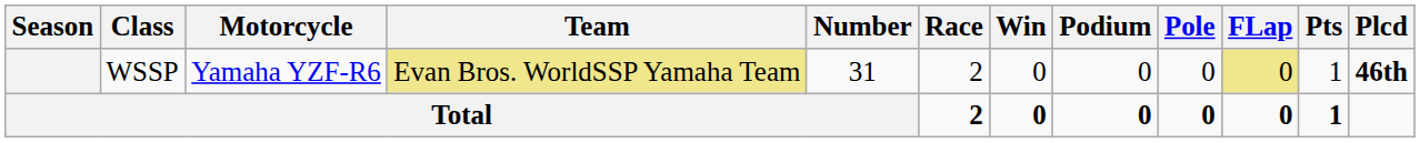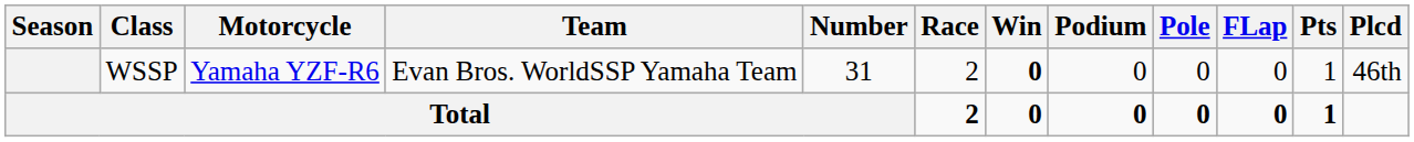 <table class="wikitable" style="text-align:right;">
 <tr>
 <th>Season</th>
 <th>Class</th>
 <th>Motorcycle</th>
 <th>Team</th>
 <th>Number</th>
 <th>Race</th>
 <th>Win</th>
 <th>Podium</th>
 <th><a href='#'>Pole</a></th>
 <th><a href='#'>FLap</a></th>
 <th>Pts</th>
 <th>Plcd</th>
 </tr>
 <tr>
 <th></th>
 <td>WSSP</td>
 <td style="text-align:left;"><a href='#'>Yamaha YZF-R6</a></td>
-<td style="background: khaki; text-align:left;">Evan Bros. WorldSSP Yamaha Team</td>
+<td style="text-align:left;">Evan Bros. WorldSSP Yamaha Team</td>
 <td style="text-align:center;">31</td>
 <td>2</td>
+<td><strong>0</strong></td>
 <td>0</td>
 <td>0</td>
 <td>0</td>
-<td style="background: khaki;">0</td>
 <td>1</td>
-<td><strong>46th</strong></td>
+<td>46th</td>
 </tr>
 <tr>
 <th colspan="5">Total</th>
 <td><strong>2</strong></td>
 <td><strong>0</strong></td>
 <td><strong>0</strong></td>
 <td><strong>0</strong></td>
 <td><strong>0</strong></td>
 <td><strong>1</strong></td>
 <td></td>
 </tr>
 </table>
